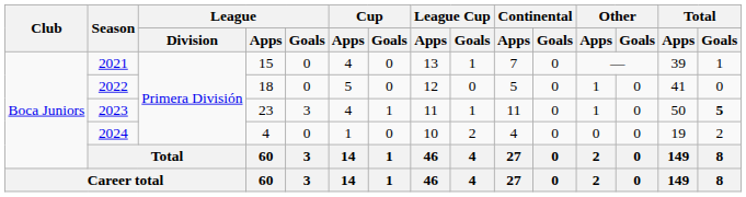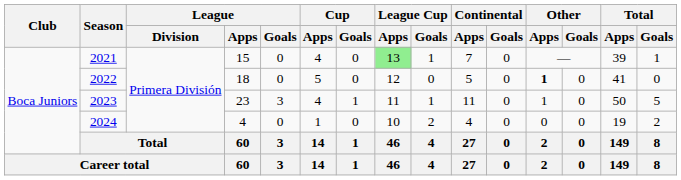 <table class="wikitable" style="text-align:center">
 <tr>
 <th rowspan="2">Club</th>
 <th rowspan="2">Season</th>
 <th colspan="3">League</th>
 <th colspan="2">Cup</th>
 <th colspan="2">League Cup</th>
 <th colspan="2">Continental</th>
 <th colspan="2">Other</th>
 <th colspan="2">Total</th>
 </tr>
 <tr>
 <th>Division</th>
 <th>Apps</th>
 <th>Goals</th>
 <th>Apps</th>
 <th>Goals</th>
 <th>Apps</th>
 <th>Goals</th>
 <th>Apps</th>
 <th>Goals</th>
 <th>Apps</th>
 <th>Goals</th>
 <th>Apps</th>
 <th>Goals</th>
 </tr>
 <tr>
 <td rowspan="5"><a href='#'>Boca Juniors</a></td>
 <td><a href='#'>2021</a></td>
 <td rowspan="4"><a href='#'>Primera División</a></td>
 <td>15</td>
 <td>0</td>
 <td>4</td>
 <td>0</td>
-<td>13</td>
+<td style="background: lightgreen;">13</td>
 <td>1</td>
 <td>7</td>
 <td>0</td>
 <td colspan="2">—</td>
 <td>39</td>
 <td>1</td>
 </tr>
 <tr>
 <td><a href='#'>2022</a></td>
 <td>18</td>
 <td>0</td>
 <td>5</td>
 <td>0</td>
 <td>12</td>
 <td>0</td>
 <td>5</td>
 <td>0</td>
-<td>1</td>
+<td><strong>1</strong></td>
 <td>0</td>
 <td>41</td>
 <td>0</td>
 </tr>
 <tr>
 <td><a href='#'>2023</a></td>
 <td>23</td>
 <td>3</td>
 <td>4</td>
 <td>1</td>
 <td>11</td>
 <td>1</td>
 <td>11</td>
 <td>0</td>
 <td>1</td>
 <td>0</td>
 <td>50</td>
-<td><strong>5</strong></td>
+<td>5</td>
 </tr>
 <tr>
 <td><a href='#'>2024</a></td>
 <td>4</td>
 <td>0</td>
 <td>1</td>
 <td>0</td>
 <td>10</td>
 <td>2</td>
 <td>4</td>
 <td>0</td>
 <td>0</td>
 <td>0</td>
 <td>19</td>
 <td>2</td>
 </tr>
 <tr>
 <th colspan="2">Total</th>
 <th>60</th>
 <th>3</th>
 <th>14</th>
 <th>1</th>
 <th>46</th>
 <th>4</th>
 <th>27</th>
 <th>0</th>
 <th>2</th>
 <th>0</th>
 <th>149</th>
 <th>8</th>
 </tr>
 <tr>
 <th colspan="3">Career total</th>
 <th>60</th>
 <th>3</th>
 <th>14</th>
 <th>1</th>
 <th>46</th>
 <th>4</th>
 <th>27</th>
 <th>0</th>
 <th>2</th>
 <th>0</th>
 <th>149</th>
 <th>8</th>
 </tr>
 </table>
